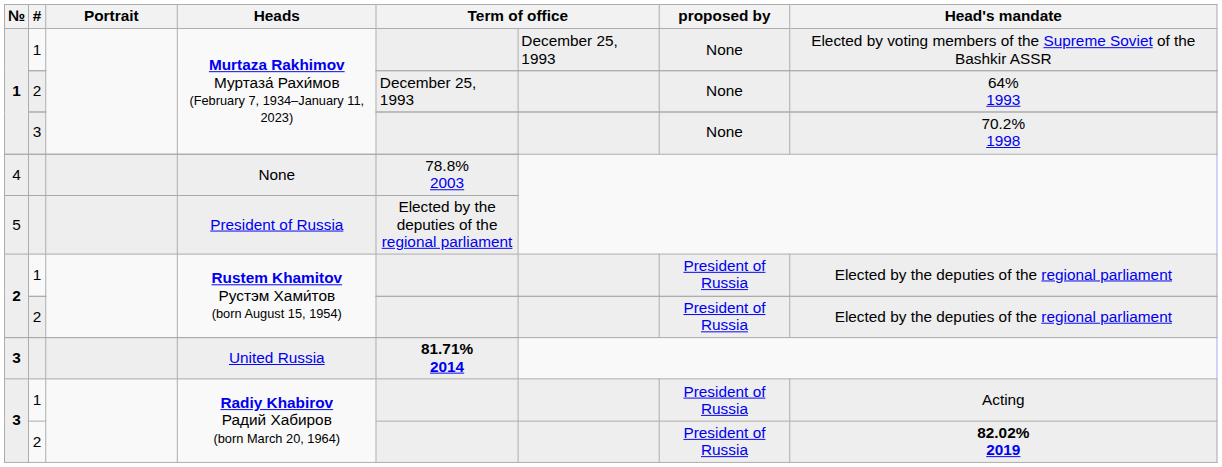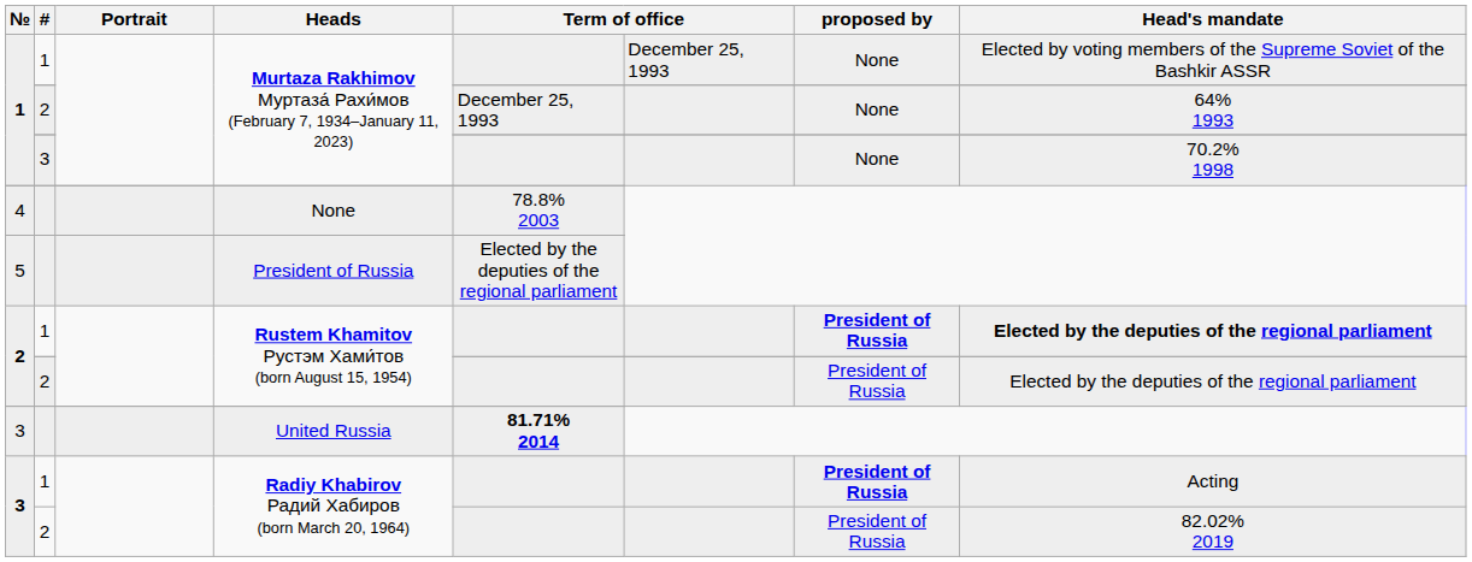 <table class="wikitable" style="text-align:center; width:100%; border:1px #AAAAFF solid">
 <tr>
 <th width="10">№</th>
 <th width="10">#</th>
 <th align="center" width="130">Portrait</th>
 <th align="center" width="200">Heads</th>
 <th colspan="2" align="center" width="200">Term of office</th>
 <th align="center" width="0">proposed by</th>
 <th align="center" width="0">Head's mandate</th>
 </tr>
 <tr>
 <th rowspan="5" style="background:#EEEEEE">1</th>
 <td style="background:">1</td>
 <td rowspan="5"></td>
 <td rowspan="5"><strong><a href='#'>Murtaza Rakhimov</a></strong><span><br>Муртаза́ Рахи́мов</span><br><small>(February 7, 1934–January 11, 2023)</small></td>
 <td style="background:#EEEEEE" align="left" width="140"> </td>
 <td style="background:#EEEEEE" align="left" width="140">December 25, 1993</td>
 <td style="background:#EEEEEE">None</td>
 <td style="background:#EEEEEE">Elected by voting members of the <a href='#'>Supreme Soviet</a> of the Bashkir ASSR</td>
 </tr>
 <tr>
 </tr>
 <tr style="background:#EEEEEE">
 <td style="background:">2</td>
 <td align="left">December 25, 1993</td>
 <td align="left"></td>
 <td style="background:#EEEEEE">None</td>
 <td style="background:#EEEEEE">64%<br><a href='#'>1993</a></td>
 </tr>
 <tr>
 </tr>
 <tr style="background:#EEEEEE">
 <td style="background:">3</td>
 <td align="left"></td>
 <td align="left"></td>
 <td style="background:#EEEEEE">None</td>
 <td style="background:#EEEEEE">70.2%<br><a href='#'>1998</a></td>
 </tr>
 <tr>
 </tr>
 <tr style="background:#EEEEEE">
 <td style="background:">4</td>
 <td align="left"></td>
 <td align="left"></td>
 <td style="background:#EEEEEE">None</td>
 <td style="background:#EEEEEE">78.8% <br><a href='#'>2003</a></td>
 </tr>
 <tr>
 </tr>
 <tr style="background:#EEEEEE">
 <td style="background:">5</td>
 <td align="left"></td>
 <td align="left"></td>
 <td style="background:#EEEEEE"><a href='#'>President of Russia</a></td>
 <td style="background:#EEEEEE">Elected by the deputies of the <a href='#'>regional parliament</a></td>
 </tr>
 <tr>
 <th rowspan="3" style="background:#EEEEEE">2</th>
 <td style="background:">1</td>
 <td rowspan="3"></td>
 <td rowspan="3"><strong><a href='#'>Rustem Khamitov</a></strong> <span><br>Рустэм Хами́тов</span><br><small>(born August 15, 1954)</small></td>
 <td style="background:#EEEEEE" align="left"> </td>
 <td style="background:#EEEEEE" align="left"></td>
-<td style="background:#EEEEEE"><a href='#'>President of Russia</a></td>
-<td style="background:#EEEEEE">Elected by the deputies of the <a href='#'>regional parliament</a></td>
+<td style="background:#EEEEEE"><strong><a href='#'>President of Russia</a></strong></td>
+<td style="background:#EEEEEE"><strong>Elected by the deputies of the <a href='#'>regional parliament</a></strong></td>
 </tr>
 <tr>
 </tr>
 <tr style="background:#EEEEEE">
 <td style="background:">2</td>
 <td align="left"></td>
 <td align="left"></td>
 <td style="background:#EEEEEE"><a href='#'>President of Russia</a></td>
 <td style="background:#EEEEEE">Elected by the deputies of the <a href='#'>regional parliament</a></td>
 </tr>
 <tr>
 </tr>
 <tr style="background:#EEEEEE">
-<td style="background:"><strong>3</strong></td>
+<td style="background:">3</td>
 <td align="left"></td>
 <td align="left"></td>
 <td style="background:#EEEEEE"><a href='#'>United Russia</a></td>
 <td style="background:#EEEEEE"><strong>81.71%<br><a href='#'>2014</a></strong></td>
 </tr>
 <tr>
 <th rowspan="2" style="background:#EEEEEE">3</th>
 <td style="background:">1</td>
 <td rowspan="2"></td>
 <td rowspan="2"><strong><a href='#'>Radiy Khabirov</a></strong> <span><br>Радий Хабиров</span><br><small>(born March 20, 1964)</small></td>
 <td style="background:#EEEEEE" align="left"></td>
 <td style="background:#EEEEEE" align="left"></td>
-<td style="background:#EEEEEE"><a href='#'>President of Russia</a></td>
+<td style="background:#EEEEEE"><strong><a href='#'>President of Russia</a></strong></td>
 <td style="background:#EEEEEE">Acting</td>
 </tr>
 <tr>
 <td style="background:">2</td>
 <td style="background:#EEEEEE" align="left"></td>
 <td style="background:#EEEEEE" align="left"></td>
 <td style="background:#EEEEEE"><a href='#'>President of Russia</a></td>
-<td style="background:#EEEEEE"><strong>82.02%<br><a href='#'>2019</a></strong></td>
+<td style="background:#EEEEEE">82.02%<br><a href='#'>2019</a></td>
 </tr>
 </table>
